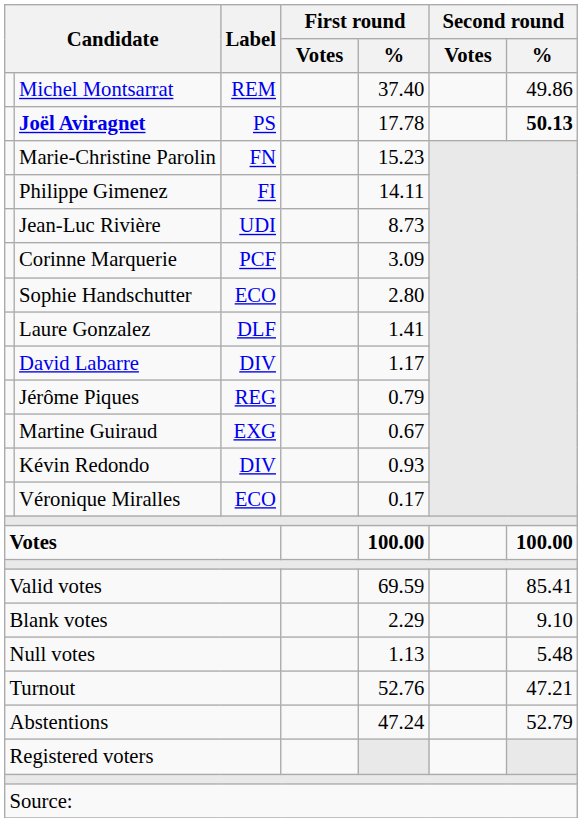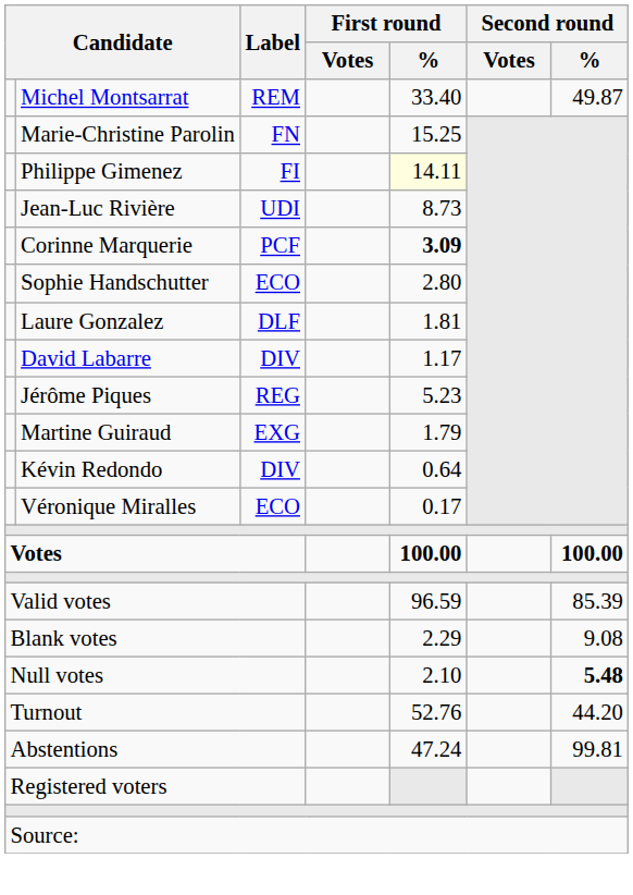 <table class="wikitable" style="text-align:right;font-size:95%;">
 <tr>
 <th rowspan="2" colspan="2">Candidate</th>
 <th rowspan="2">Label</th>
 <th colspan="2">First round</th>
 <th colspan="2">Second round</th>
 </tr>
 <tr>
 <th style="width:50px;">Votes</th>
 <th style="width:45px;">%</th>
 <th style="width:50px;">Votes</th>
 <th style="width:45px;">%</th>
 </tr>
 <tr>
 <td style="color:inherit;background:"></td>
 <td style="text-align:left;"><a href='#'>Michel Montsarrat</a></td>
 <td><a href='#'>REM</a></td>
 <td></td>
-<td>37.40</td>
+<td>33.40</td>
 <td></td>
-<td>49.86</td>
-</tr>
-<tr>
-<td style="color:inherit;background:"></td>
-<td style="text-align:left;"><strong><a href='#'>Joël Aviragnet</a></strong></td>
-<td><a href='#'>PS</a></td>
-<td></td>
-<td>17.78</td>
-<td><strong></strong></td>
-<td><strong>50.13</strong></td>
+<td>49.87</td>
 </tr>
 <tr>
 <td style="color:inherit;background:"></td>
 <td style="text-align:left;">Marie-Christine Parolin</td>
 <td><a href='#'>FN</a></td>
 <td></td>
-<td>15.23</td>
+<td>15.25</td>
 <td colspan="2" rowspan="11" style="background:#E9E9E9;"></td>
 </tr>
 <tr>
 <td style="color:inherit;background:"></td>
 <td style="text-align:left;">Philippe Gimenez</td>
 <td><a href='#'>FI</a></td>
 <td></td>
-<td>14.11</td>
+<td style="background: lightyellow;">14.11</td>
 </tr>
 <tr>
 <td style="color:inherit;background:"></td>
 <td style="text-align:left;">Jean-Luc Rivière</td>
 <td><a href='#'>UDI</a></td>
 <td></td>
 <td>8.73</td>
 </tr>
 <tr>
 <td style="color:inherit;background:"></td>
 <td style="text-align:left;">Corinne Marquerie</td>
 <td><a href='#'>PCF</a></td>
 <td></td>
-<td>3.09</td>
+<td><strong>3.09</strong></td>
 </tr>
 <tr>
 <td style="color:inherit;background:"></td>
 <td style="text-align:left;">Sophie Handschutter</td>
 <td><a href='#'>ECO</a></td>
 <td></td>
 <td>2.80</td>
 </tr>
 <tr>
 <td style="color:inherit;background:"></td>
 <td style="text-align:left;">Laure Gonzalez</td>
 <td><a href='#'>DLF</a></td>
 <td></td>
-<td>1.41</td>
+<td>1.81</td>
 </tr>
 <tr>
 <td style="color:inherit;background:"></td>
 <td style="text-align:left;"><a href='#'>David Labarre</a></td>
 <td><a href='#'>DIV</a></td>
 <td></td>
 <td>1.17</td>
 </tr>
 <tr>
 <td style="color:inherit;background:"></td>
 <td style="text-align:left;">Jérôme Piques</td>
 <td><a href='#'>REG</a></td>
 <td></td>
-<td>0.79</td>
+<td>5.23</td>
 </tr>
 <tr>
 <td style="color:inherit;background:"></td>
 <td style="text-align:left;">Martine Guiraud</td>
 <td><a href='#'>EXG</a></td>
 <td></td>
-<td>0.67</td>
+<td>1.79</td>
 </tr>
 <tr>
 <td style="color:inherit;background:"></td>
 <td style="text-align:left;">Kévin Redondo</td>
 <td><a href='#'>DIV</a></td>
 <td></td>
-<td>0.93</td>
+<td>0.64</td>
 </tr>
 <tr>
 <td style="color:inherit;background:"></td>
 <td style="text-align:left;">Véronique Miralles</td>
 <td><a href='#'>ECO</a></td>
 <td></td>
 <td>0.17</td>
 </tr>
 <tr>
 <td colspan="7" style="background:#E9E9E9;"></td>
 </tr>
 <tr style="font-weight:bold;">
 <td colspan="3" style="text-align:left;">Votes</td>
 <td></td>
 <td>100.00</td>
 <td></td>
 <td>100.00</td>
 </tr>
 <tr>
 <td colspan="7" style="background:#E9E9E9;"></td>
 </tr>
 <tr>
 <td colspan="3" style="text-align:left;">Valid votes</td>
 <td></td>
-<td>69.59</td>
+<td>96.59</td>
 <td></td>
-<td>85.41</td>
+<td>85.39</td>
 </tr>
 <tr>
 <td colspan="3" style="text-align:left;">Blank votes</td>
 <td></td>
 <td>2.29</td>
 <td></td>
-<td>9.10</td>
+<td>9.08</td>
 </tr>
 <tr>
 <td colspan="3" style="text-align:left;">Null votes</td>
 <td></td>
-<td>1.13</td>
+<td>2.10</td>
 <td></td>
-<td>5.48</td>
+<td><strong>5.48</strong></td>
 </tr>
 <tr>
 <td colspan="3" style="text-align:left;">Turnout</td>
 <td></td>
 <td>52.76</td>
 <td></td>
-<td>47.21</td>
+<td>44.20</td>
 </tr>
 <tr>
 <td colspan="3" style="text-align:left;">Abstentions</td>
 <td></td>
 <td>47.24</td>
 <td></td>
-<td>52.79</td>
+<td>99.81</td>
 </tr>
 <tr>
 <td colspan="3" style="text-align:left;">Registered voters</td>
 <td></td>
 <td style="color:inherit;background:#E9E9E9;"></td>
 <td></td>
 <td style="color:inherit;background:#E9E9E9;"></td>
 </tr>
 <tr>
 <td colspan="7" style="background:#E9E9E9;"></td>
 </tr>
 <tr>
 <td colspan="7" style="text-align:left;">Source: </td>
 </tr>
 </table>
